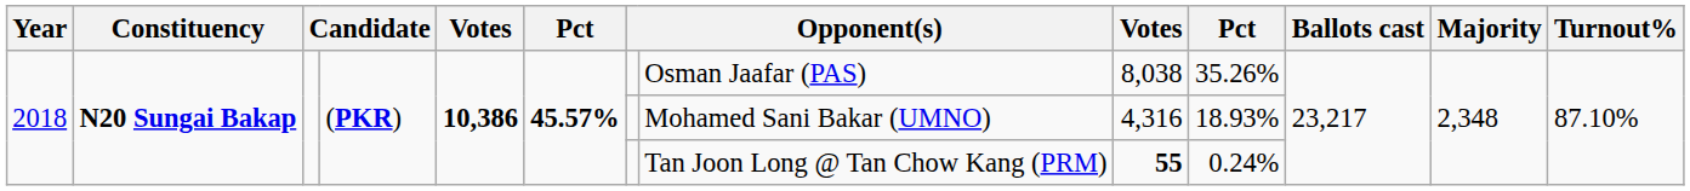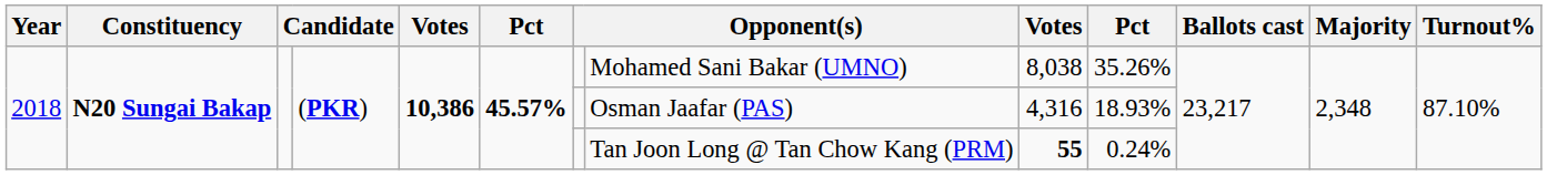 <table class="wikitable" style="margin:0.5em ; font-size:95%">
 <tr>
 <th>Year</th>
 <th>Constituency</th>
 <th colspan=2>Candidate</th>
 <th>Votes</th>
 <th>Pct</th>
 <th colspan=2>Opponent(s)</th>
 <th>Votes</th>
 <th>Pct</th>
 <th>Ballots cast</th>
 <th>Majority</th>
 <th>Turnout%</th>
 </tr>
 <tr>
 <td rowspan=3><a href='#'>2018</a></td>
 <td rowspan=3><strong>N20 <a href='#'>Sungai Bakap</a></strong></td>
 <td rowspan=3 ></td>
 <td rowspan=3> (<a href='#'><strong>PKR</strong></a>)</td>
 <td rowspan=3 align="right"><strong>10,386</strong></td>
 <td rowspan=3><strong>45.57%</strong></td>
 <td></td>
-<td>Osman Jaafar (<a href='#'>PAS</a>)</td>
+<td>Mohamed Sani Bakar (<a href='#'>UMNO</a>)</td>
 <td align="right">8,038</td>
 <td>35.26%</td>
 <td rowspan=3>23,217</td>
 <td rowspan=3>2,348</td>
 <td rowspan=3>87.10%</td>
 </tr>
 <tr>
 <td></td>
-<td>Mohamed Sani Bakar (<a href='#'>UMNO</a>)</td>
+<td>Osman Jaafar (<a href='#'>PAS</a>)</td>
 <td align="right">4,316</td>
 <td>18.93%</td>
 </tr>
 <tr>
 <td bgcolor=></td>
 <td>Tan Joon Long @ Tan Chow Kang (<a href='#'>PRM</a>)</td>
 <td align="right"><strong>55</strong></td>
 <td align=right>0.24%</td>
 </tr>
 </table>
